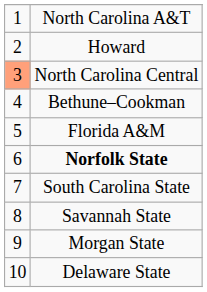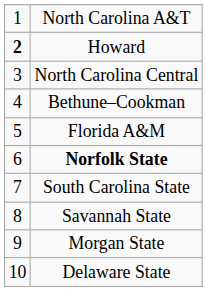 <table class="wikitable">
 <tr align="center">
 </tr>
 <tr align="center">
 <td>1</td>
 <td>North Carolina A&T</td>
 </tr>
 <tr align="center">
-<td>2</td>
+<td><strong>2</strong></td>
 <td>Howard</td>
 </tr>
 <tr align="center">
-<td style="background: lightsalmon;">3</td>
+<td>3</td>
 <td>North Carolina Central</td>
 </tr>
 <tr align="center">
 <td>4</td>
 <td>Bethune–Cookman</td>
 </tr>
 <tr align="center">
 <td>5</td>
 <td>Florida A&M</td>
 </tr>
 <tr align="center">
 <td>6</td>
 <td><strong>Norfolk State</strong></td>
 </tr>
 <tr align="center">
 <td>7</td>
 <td>South Carolina State</td>
 </tr>
 <tr align="center">
 <td>8</td>
 <td>Savannah State</td>
 </tr>
 <tr align="center">
 <td>9</td>
 <td>Morgan State</td>
 </tr>
 <tr align="center">
 <td>10</td>
 <td>Delaware State</td>
 </tr>
 </table>
